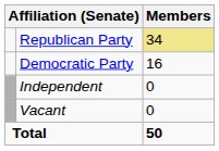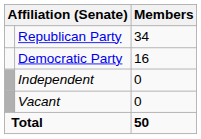 <table class="wikitable">
 <tr>
 <th colspan="2">Affiliation (Senate)</th>
 <th>Members</th>
 </tr>
 <tr>
 <td style="background-color:"> </td>
 <td><a href='#'>Republican Party</a></td>
-<td style="background: khaki;">34</td>
+<td>34</td>
 </tr>
 <tr>
 <td style="background-color:"> </td>
 <td><a href='#'>Democratic Party</a></td>
 <td>16</td>
 </tr>
 <tr>
 <td style="background:#b0b0b0"> </td>
 <td><em>Independent</em></td>
 <td>0</td>
 </tr>
 <tr>
 <td style="background:#b0b0b0"> </td>
 <td><em>Vacant</em></td>
 <td>0</td>
 </tr>
 <tr>
 <td colspan="2" rowspan="1"> <strong>Total</strong><br></td>
 <td><strong>50</strong></td>
 </tr>
 </table>
